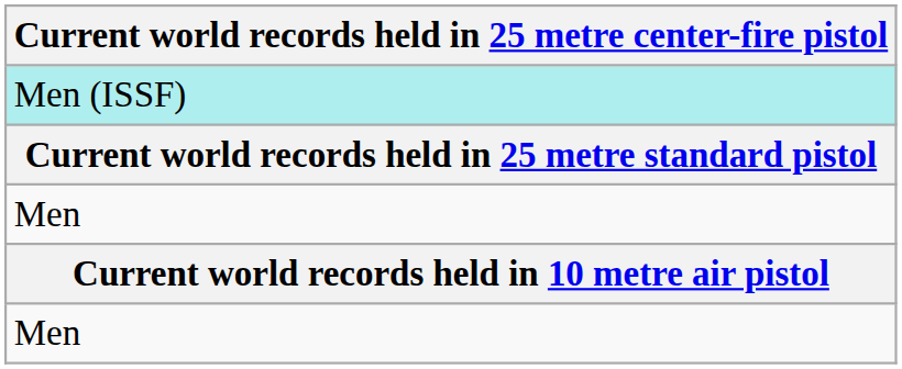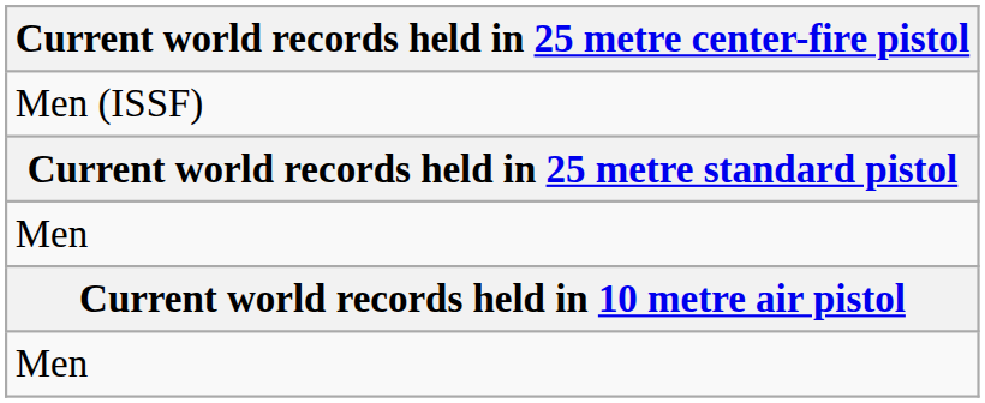 <table class="wikitable" style="font-size: 95%">
 <tr>
 <th colspan=7>Current world records held in <a href='#'>25 metre center-fire pistol</a></th>
 </tr>
 <tr>
-<td style="background: paleturquoise;">Men (ISSF)<br></td>
+<td>Men (ISSF)<br></td>
 </tr>
 <tr>
 <th colspan=7>Current world records held in <a href='#'>25 metre standard pistol</a></th>
 </tr>
 <tr>
 <td>Men<br></td>
 </tr>
 <tr>
 <th colspan=7>Current world records held in <a href='#'>10 metre air pistol</a></th>
 </tr>
 <tr>
 <td>Men<br></td>
 </tr>
 </table>
